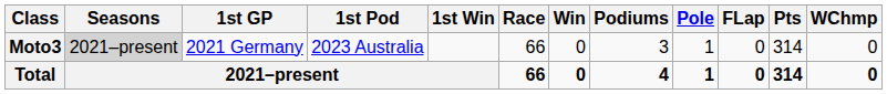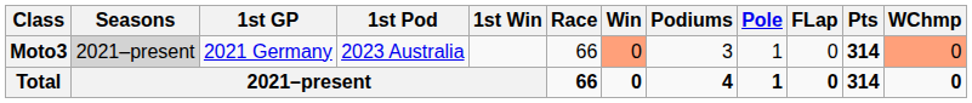 <table class="wikitable" style="text-align:right;">
 <tr>
 <th>Class</th>
 <th>Seasons</th>
 <th>1st GP</th>
 <th>1st Pod</th>
 <th>1st Win</th>
 <th>Race</th>
 <th>Win</th>
 <th>Podiums</th>
 <th><a href='#'>Pole</a></th>
 <th>FLap</th>
 <th>Pts</th>
 <th>WChmp</th>
 </tr>
 <tr>
 <th>Moto3</th>
 <td style="background: lightgrey;">2021–present</td>
 <td style="text-align:left;"><a href='#'>2021 Germany</a></td>
 <td style="text-align:left;"><a href='#'>2023 Australia</a></td>
 <td style="text-align:left;"></td>
 <td>66</td>
-<td>0</td>
+<td style="background: lightsalmon;">0</td>
 <td>3</td>
 <td>1</td>
 <td>0</td>
-<td>314</td>
-<td>0</td>
+<td><strong>314</strong></td>
+<td style="background: lightsalmon;">0</td>
 </tr>
 <tr>
 <th>Total</th>
 <th colspan="4">2021–present</th>
 <td><strong>66</strong></td>
 <td><strong>0</strong></td>
 <td><strong>4</strong></td>
 <td><strong>1</strong></td>
 <td><strong>0</strong></td>
 <td><strong>314</strong></td>
 <td><strong>0</strong></td>
 </tr>
 </table>
